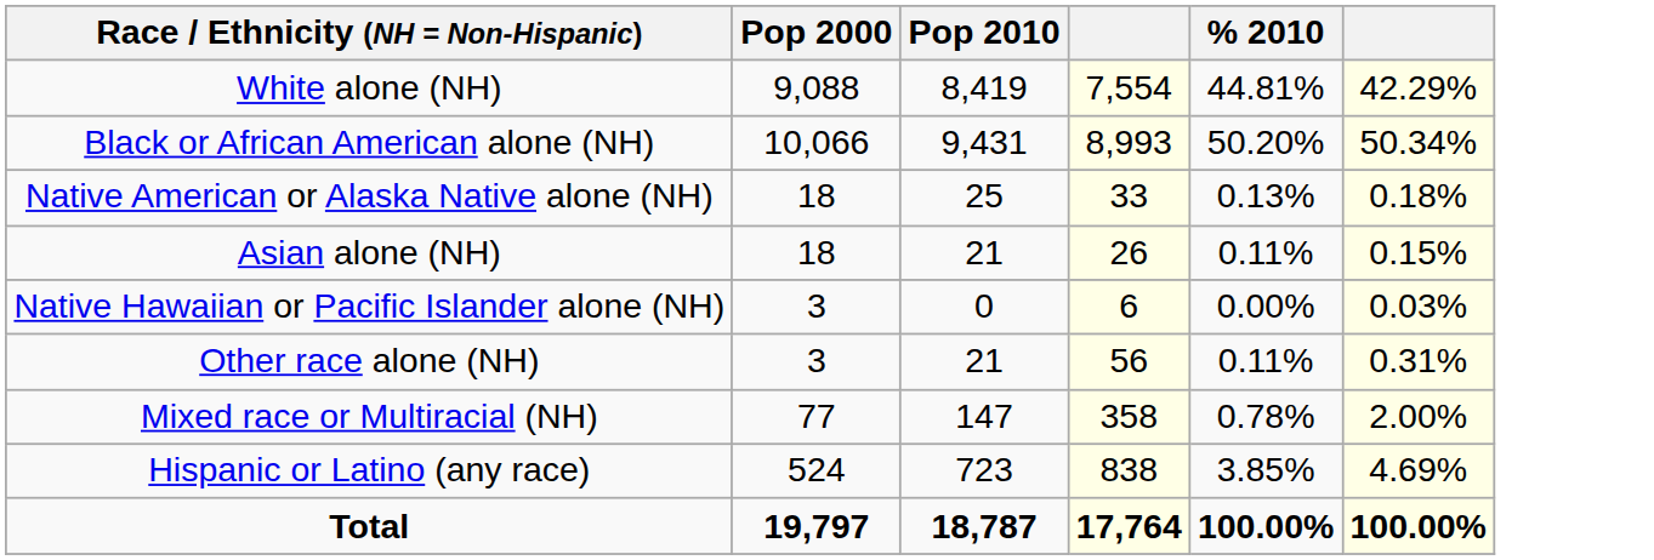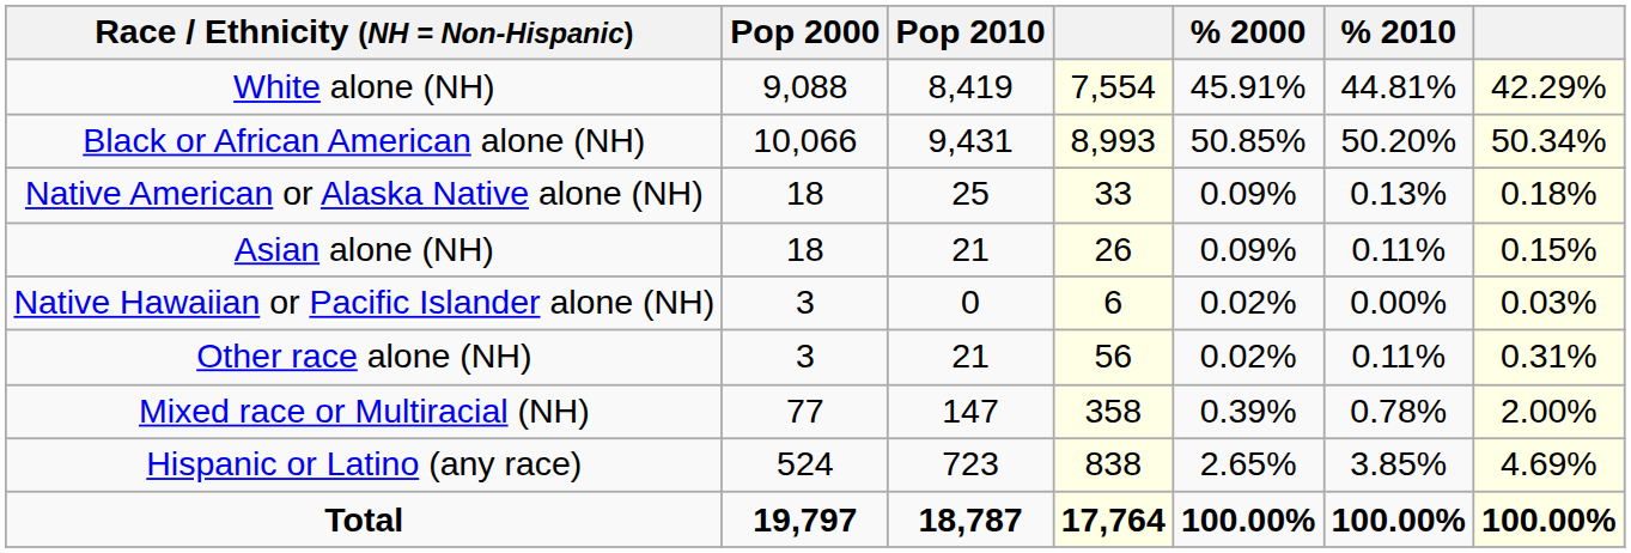 <table class="wikitable" style="text-align:center;">
 <tr>
 <th>Race / Ethnicity <small>(<em>NH = Non-Hispanic</em>)</small></th>
 <th>Pop 2000</th>
 <th>Pop 2010</th>
 <th></th>
+<th>% 2000</th>
 <th>% 2010</th>
 <th></th>
 </tr>
 <tr>
 <td><a href='#'>White</a> alone (NH)</td>
 <td>9,088</td>
 <td>8,419</td>
 <td style='background: #ffffe6;'>7,554</td>
+<td>45.91%</td>
 <td>44.81%</td>
 <td style='background: #ffffe6;'>42.29%</td>
 </tr>
 <tr>
 <td><a href='#'>Black or African American</a> alone (NH)</td>
 <td>10,066</td>
 <td>9,431</td>
 <td style='background: #ffffe6;'>8,993</td>
+<td>50.85%</td>
 <td>50.20%</td>
 <td style='background: #ffffe6;'>50.34%</td>
 </tr>
 <tr>
 <td><a href='#'>Native American</a> or <a href='#'>Alaska Native</a> alone (NH)</td>
 <td>18</td>
 <td>25</td>
 <td style='background: #ffffe6;'>33</td>
+<td>0.09%</td>
 <td>0.13%</td>
 <td style='background: #ffffe6;'>0.18%</td>
 </tr>
 <tr>
 <td><a href='#'>Asian</a> alone (NH)</td>
 <td>18</td>
 <td>21</td>
 <td style='background: #ffffe6;'>26</td>
+<td>0.09%</td>
 <td>0.11%</td>
 <td style='background: #ffffe6;'>0.15%</td>
 </tr>
 <tr>
 <td><a href='#'>Native Hawaiian</a> or <a href='#'>Pacific Islander</a> alone (NH)</td>
 <td>3</td>
 <td>0</td>
 <td style='background: #ffffe6;'>6</td>
+<td>0.02%</td>
 <td>0.00%</td>
 <td style='background: #ffffe6;'>0.03%</td>
 </tr>
 <tr>
 <td><a href='#'>Other race</a> alone (NH)</td>
 <td>3</td>
 <td>21</td>
 <td style='background: #ffffe6;'>56</td>
+<td>0.02%</td>
 <td>0.11%</td>
 <td style='background: #ffffe6;'>0.31%</td>
 </tr>
 <tr>
 <td><a href='#'>Mixed race or Multiracial</a> (NH)</td>
 <td>77</td>
 <td>147</td>
 <td style='background: #ffffe6;'>358</td>
+<td>0.39%</td>
 <td>0.78%</td>
 <td style='background: #ffffe6;'>2.00%</td>
 </tr>
 <tr>
 <td><a href='#'>Hispanic or Latino</a> (any race)</td>
 <td>524</td>
 <td>723</td>
 <td style='background: #ffffe6;'>838</td>
+<td>2.65%</td>
 <td>3.85%</td>
 <td style='background: #ffffe6;'>4.69%</td>
 </tr>
 <tr>
 <td><strong>Total</strong></td>
 <td><strong>19,797</strong></td>
 <td><strong>18,787</strong></td>
 <td style='background: #ffffe6;'><strong>17,764</strong></td>
 <td><strong>100.00%</strong></td>
+<td><strong>100.00%</strong></td>
 <td style='background: #ffffe6;'><strong>100.00%</strong></td>
 </tr>
 </table>
